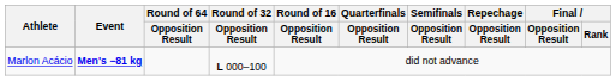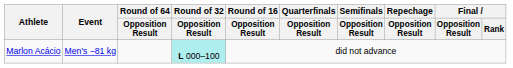 <table class="wikitable" style="font-size:90%">
 <tr>
 <th rowspan="2">Athlete</th>
 <th rowspan="2">Event</th>
 <th>Round of 64</th>
 <th>Round of 32</th>
 <th>Round of 16</th>
 <th>Quarterfinals</th>
 <th>Semifinals</th>
 <th>Repechage</th>
 <th colspan=2>Final / </th>
 </tr>
 <tr style="font-size:95%">
 <th>Opposition<br>Result</th>
 <th>Opposition<br>Result</th>
 <th>Opposition<br>Result</th>
 <th>Opposition<br>Result</th>
 <th>Opposition<br>Result</th>
 <th>Opposition<br>Result</th>
 <th>Opposition<br>Result</th>
 <th>Rank</th>
 </tr>
 <tr align=center>
 <td align=left><a href='#'>Marlon Acácio</a></td>
-<td align=left><strong><a href='#'>Men's −81 kg</a></strong></td>
+<td align=left><a href='#'>Men's −81 kg</a></td>
 <td></td>
-<td><br><strong>L</strong> 000–100</td>
+<td style="background: paleturquoise;"><br><strong>L</strong> 000–100</td>
 <td colspan=6>did not advance</td>
 </tr>
 </table>
